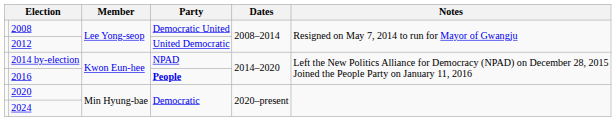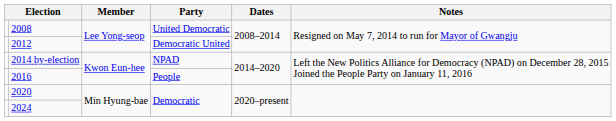 <table class="wikitable">
 <tr>
 <th colspan="2">Election</th>
 <th>Member</th>
 <th>Party</th>
 <th>Dates</th>
 <th>Notes</th>
 </tr>
 <tr>
 <td></td>
 <td><a href='#'>2008</a></td>
 <td rowspan="2"><a href='#'>Lee Yong-seop</a></td>
-<td><a href='#'>Democratic United</a></td>
+<td><a href='#'>United Democratic</a></td>
 <td rowspan="2">2008–2014</td>
 <td rowspan="2">Resigned on May 7, 2014 to run for <a href='#'>Mayor of Gwangju</a></td>
 </tr>
 <tr>
 <td></td>
 <td><a href='#'>2012</a></td>
-<td><a href='#'>United Democratic</a></td>
+<td><a href='#'>Democratic United</a></td>
 </tr>
 <tr>
 <td></td>
 <td><a href='#'>2014 by-election</a></td>
 <td rowspan="2"><a href='#'>Kwon Eun-hee</a></td>
 <td><a href='#'>NPAD</a></td>
 <td rowspan="2">2014–2020</td>
 <td rowspan="2">Left the New Politics Alliance for Democracy (NPAD) on December 28, 2015<br>Joined the People Party on January 11, 2016</td>
 </tr>
 <tr>
 <td></td>
 <td><a href='#'>2016</a></td>
-<td><strong><a href='#'>People</a></strong></td>
+<td><a href='#'>People</a></td>
 </tr>
 <tr>
 <td></td>
 <td><a href='#'>2020</a></td>
 <td rowspan="2">Min Hyung-bae</td>
 <td rowspan="2"><a href='#'>Democratic</a></td>
 <td rowspan="2">2020–present</td>
 <td rowspan="2"></td>
 </tr>
 <tr>
 <td></td>
 <td><a href='#'>2024</a></td>
 </tr>
 </table>
